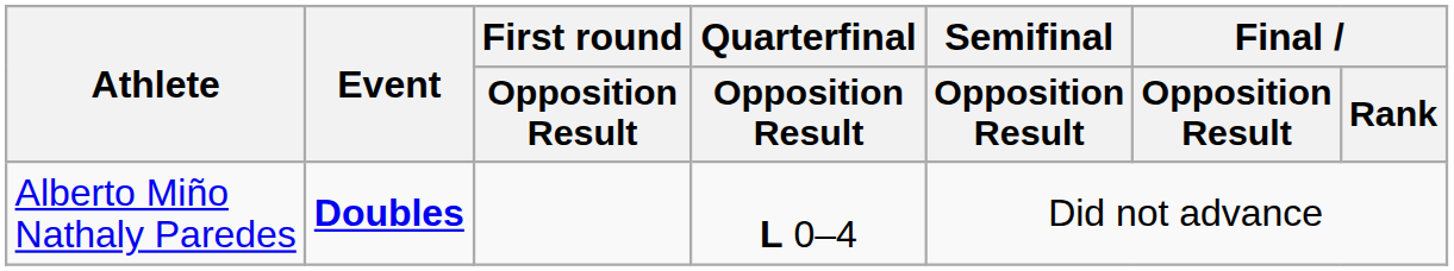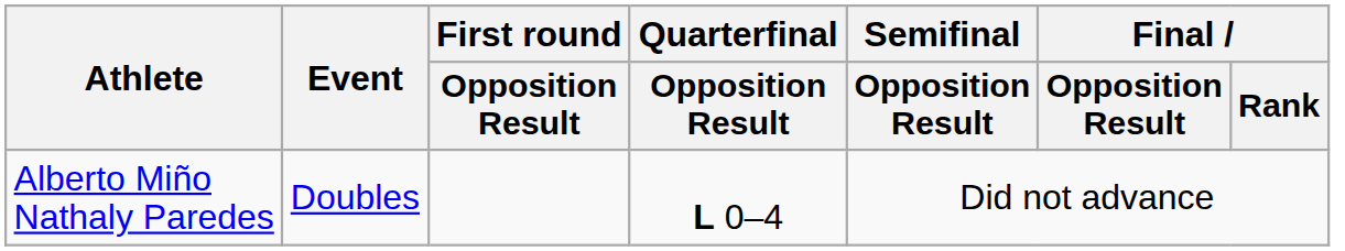 <table class=wikitable style=font-size:90%;text-align:center>
 <tr>
 <th rowspan=2>Athlete</th>
 <th rowspan=2>Event</th>
 <th>First round</th>
 <th>Quarterfinal</th>
 <th>Semifinal</th>
 <th colspan=2>Final / </th>
 </tr>
 <tr style=font-size:95%>
 <th>Opposition<br>Result</th>
 <th>Opposition<br>Result</th>
 <th>Opposition<br>Result</th>
 <th>Opposition<br>Result</th>
 <th>Rank</th>
 </tr>
 <tr>
 <td align=left><a href='#'>Alberto Miño</a><br><a href='#'>Nathaly Paredes</a></td>
-<td align=left><strong><a href='#'>Doubles</a></strong></td>
+<td align=left><a href='#'>Doubles</a></td>
 <td></td>
 <td><br><strong>L</strong> 0–4</td>
 <td colspan=4>Did not advance</td>
 </tr>
 </table>
